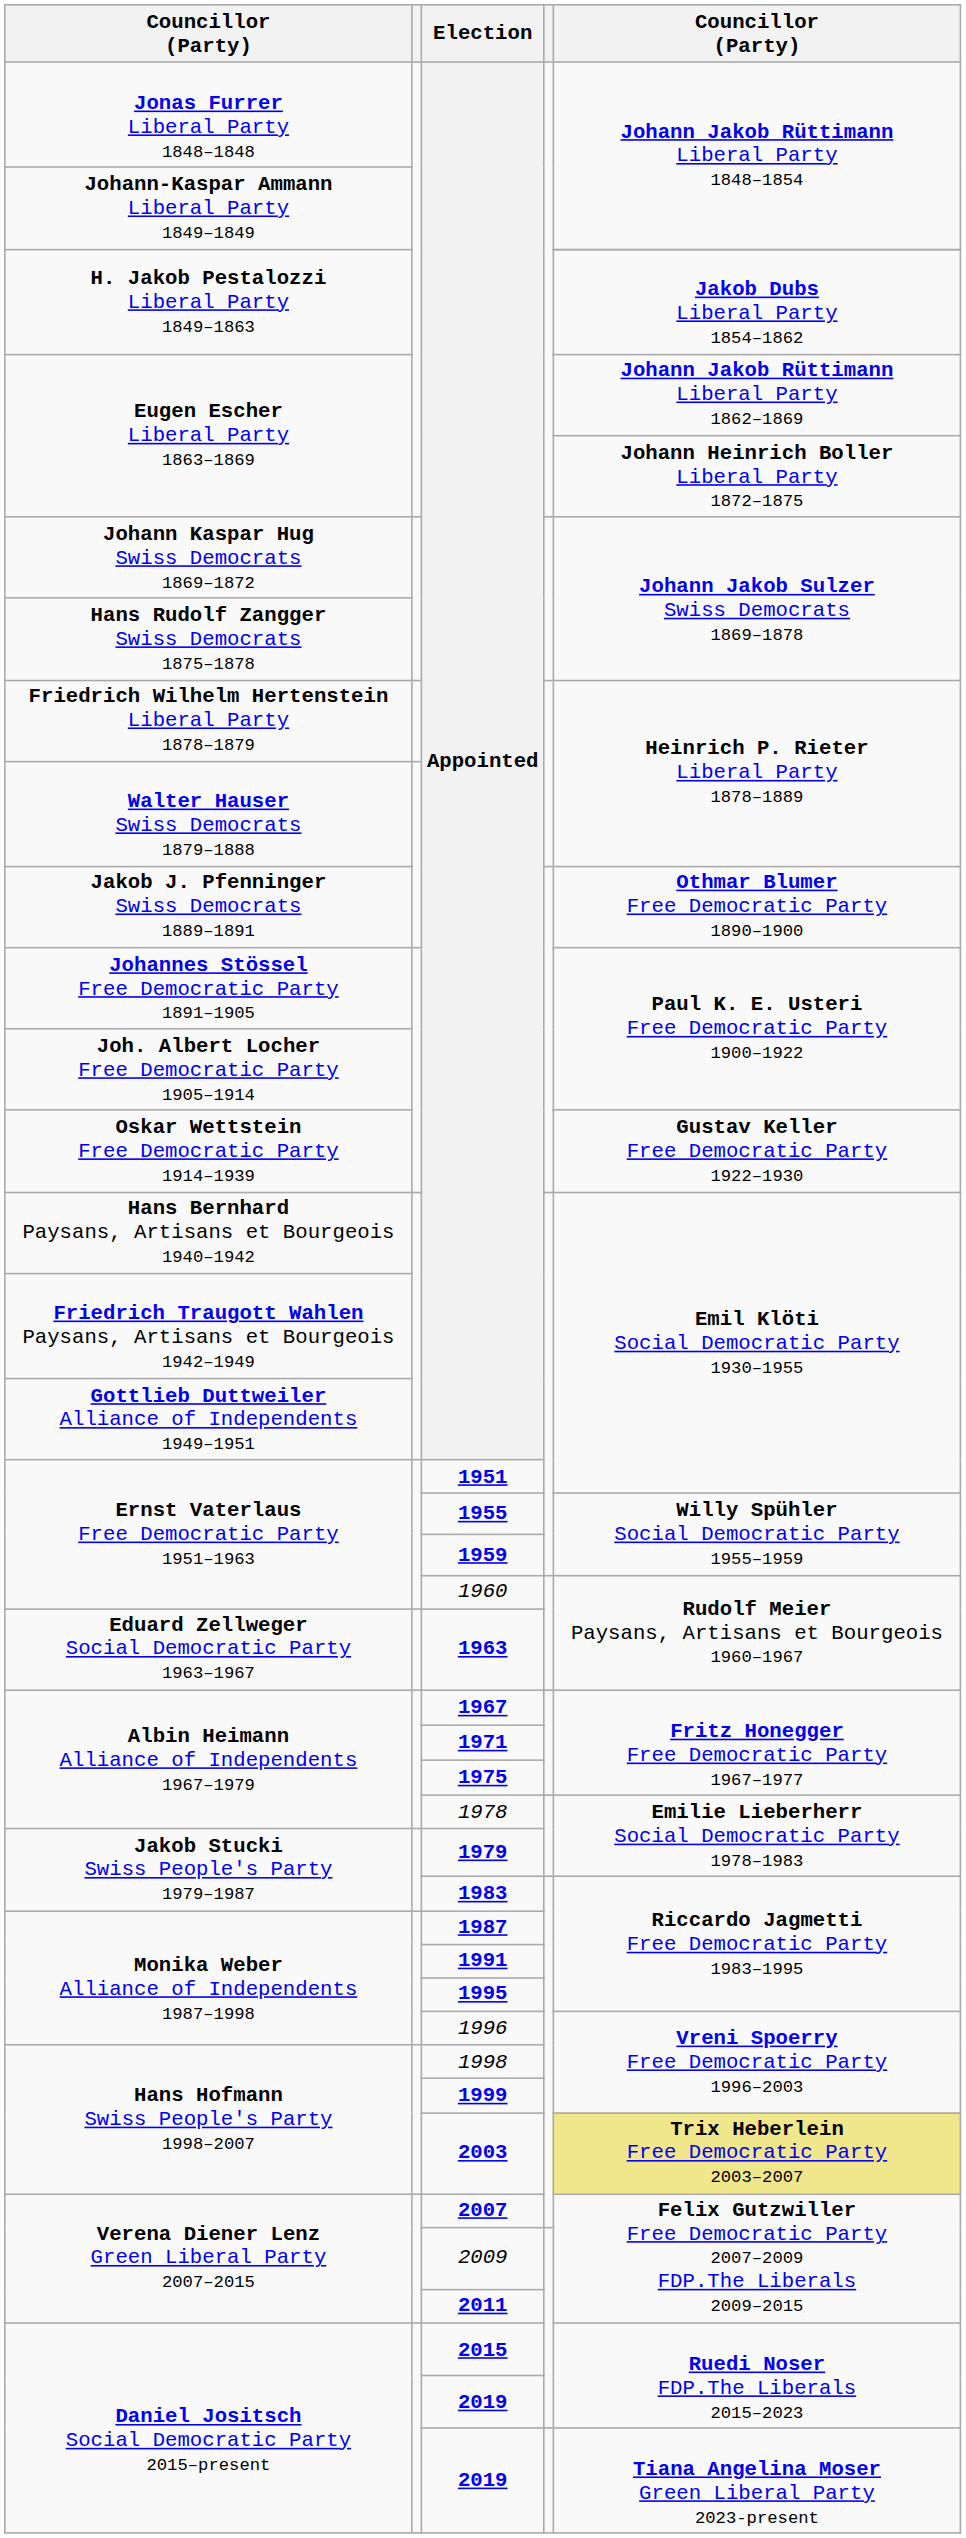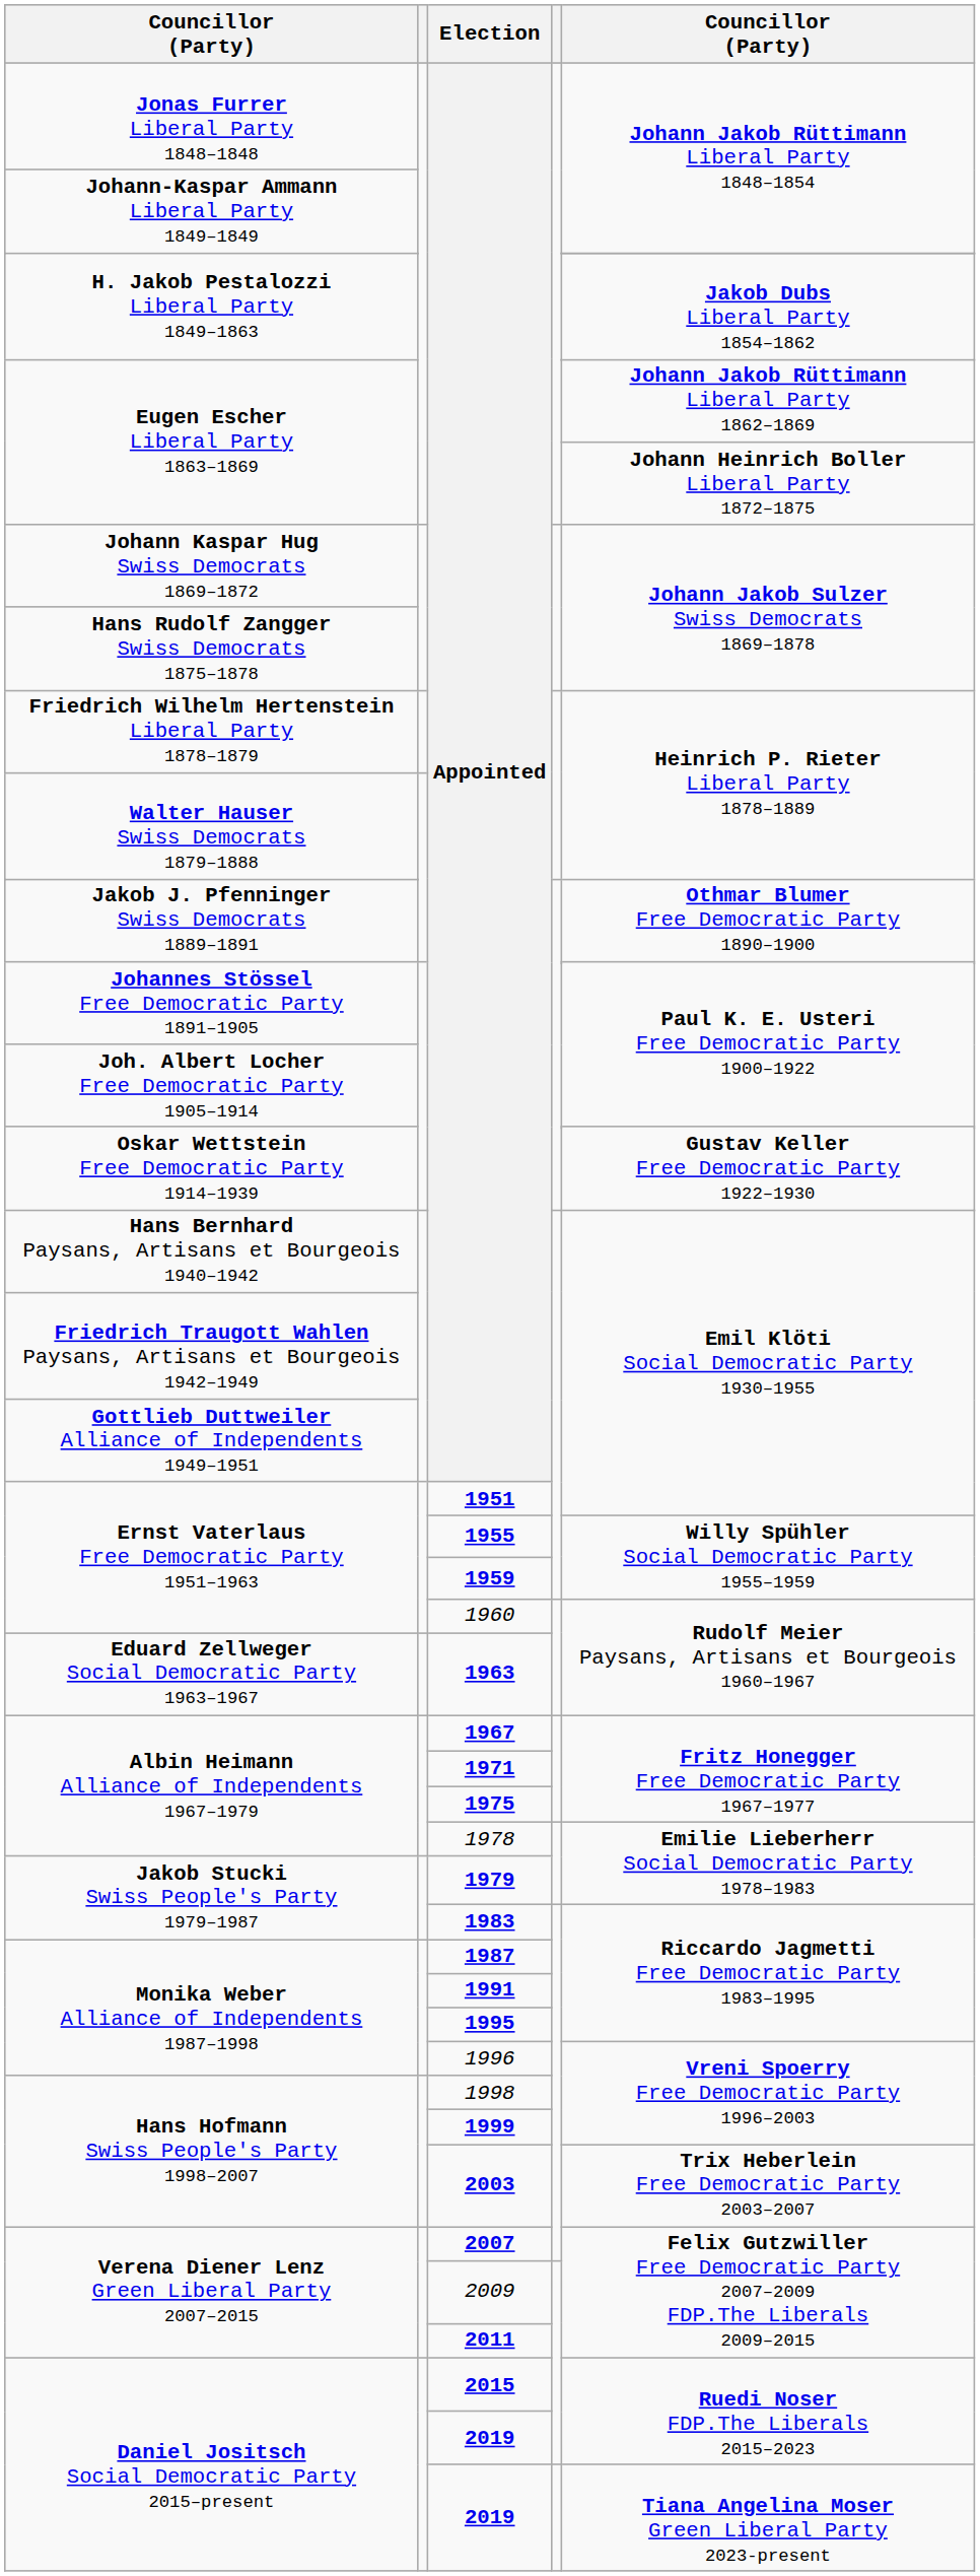 <table class="wikitable" style="text-align:center">
 <tr>
 <th scope="col" width="250" colspan = "1">Councillor<br> (Party)</th>
 <th></th>
 <th>Election</th>
 <th></th>
 <th scope="col" width="250" colspan = "1">Councillor<br> (Party)</th>
 </tr>
 <tr>
 <td rowspan=1><br><strong><a href='#'>Jonas Furrer</a></strong><br><a href='#'>Liberal Party</a><br><small>1848–1848</small></td>
 <td rowspan=7; style="background-color: "></td>
 <th rowspan=22>Appointed</th>
 <td rowspan=7; style="background-color: "></td>
 <td rowspan=2><strong><a href='#'>Johann Jakob Rüttimann</a></strong><br><a href='#'>Liberal Party</a><br><small>1848–1854</small></td>
 </tr>
 <tr>
 <td rowspan=1><strong>Johann-Kaspar Ammann</strong><br><a href='#'>Liberal Party</a><br><small>1849–1849</small></td>
 </tr>
 <tr>
 <td rowspan=3><strong>H. Jakob Pestalozzi</strong><br><a href='#'>Liberal Party</a><br><small>1849–1863</small></td>
 </tr>
 <tr>
 <td rowspan=1><br><strong><a href='#'>Jakob Dubs</a></strong><br><a href='#'>Liberal Party</a><br><small>1854–1862</small></td>
 </tr>
 <tr>
 <td rowspan=2><strong><a href='#'>Johann Jakob Rüttimann</a></strong><br><a href='#'>Liberal Party</a><br><small>1862–1869</small></td>
 </tr>
 <tr>
 <td rowspan=2><strong>Eugen Escher</strong><br><a href='#'>Liberal Party</a><br><small>1863–1869</small></td>
 </tr>
 <tr>
 <td rowspan=1><strong>Johann Heinrich Boller</strong><br><a href='#'>Liberal Party</a><br><small>1872–1875</small></td>
 </tr>
 <tr>
 <td rowspan=1><strong>Johann Kaspar Hug</strong><br><a href='#'>Swiss Democrats</a><br><small>1869–1872</small></td>
 <td rowspan=2; style="background-color: "></td>
 <td rowspan=2; style="background-color: "></td>
 <td rowspan=2><br><strong><a href='#'>Johann Jakob Sulzer</a></strong><br><a href='#'>Swiss Democrats</a><br><small>1869–1878</small></td>
 </tr>
 <tr>
 <td rowspan=1><strong>Hans Rudolf Zangger</strong><br><a href='#'>Swiss Democrats</a><br><small>1875–1878</small></td>
 </tr>
 <tr>
 <td rowspan=1><strong>Friedrich Wilhelm Hertenstein</strong><br><a href='#'>Liberal Party</a><br><small>1878–1879</small></td>
 <td rowspan=1; style="background-color: "></td>
 <td rowspan=3; style="background-color: "></td>
 <td rowspan=3><strong>Heinrich P. Rieter</strong><br><a href='#'>Liberal Party</a><br><small>1878–1889</small></td>
 </tr>
 <tr>
 <td rowspan=1><br><strong><a href='#'>Walter Hauser</a></strong><br><a href='#'>Swiss Democrats</a><br><small>1879–1888</small></td>
 <td rowspan=3; style="background-color: "></td>
 </tr>
 <tr>
 <td rowspan=2><strong>Jakob J. Pfenninger</strong><br><a href='#'>Swiss Democrats</a><br><small>1889–1891</small></td>
 </tr>
 <tr>
 <td rowspan=6; style="background-color: "></td>
 <td rowspan=2><strong><a href='#'>Othmar Blumer</a></strong><br><a href='#'>Free Democratic Party</a><br><small>1890–1900</small></td>
 </tr>
 <tr>
 <td rowspan=2><strong><a href='#'>Johannes Stössel</a></strong><br><a href='#'>Free Democratic Party</a><br><small>1891–1905</small></td>
 <td rowspan=5; style="background-color: "></td>
 </tr>
 <tr>
 <td rowspan=3><strong>Paul K. E. Usteri</strong><br><a href='#'>Free Democratic Party</a><br><small>1900–1922</small></td>
 </tr>
 <tr>
 <td rowspan=1><strong>Joh. Albert Locher</strong><br><a href='#'>Free Democratic Party</a><br><small>1905–1914</small></td>
 </tr>
 <tr>
 <td rowspan=3><strong>Oskar Wettstein</strong><br><a href='#'>Free Democratic Party</a><br><small>1914–1939</small></td>
 </tr>
 <tr>
 <td rowspan=1><strong>Gustav Keller</strong><br><a href='#'>Free Democratic Party</a><br><small>1922–1930</small></td>
 </tr>
 <tr>
 <td rowspan=4; style="background-color: "></td>
 <td rowspan=7; style="background-color: "></td>
 <td rowspan=5><strong>Emil Klöti</strong><br><a href='#'>Social Democratic Party</a><br><small>1930–1955</small></td>
 </tr>
 <tr>
 <td rowspan=1><strong>Hans Bernhard</strong><br>Paysans, Artisans et Bourgeois<br><small>1940–1942</small></td>
 </tr>
 <tr>
 <td rowspan=1><br><strong><a href='#'>Friedrich Traugott Wahlen</a></strong><br>Paysans, Artisans et Bourgeois<br><small>1942–1949</small></td>
 </tr>
 <tr>
 <td rowspan=1><strong><a href='#'>Gottlieb Duttweiler</a></strong><br><a href='#'>Alliance of Independents</a><br><small>1949–1951</small></td>
 </tr>
 <tr>
 <td rowspan=4><strong>Ernst Vaterlaus</strong><br><a href='#'>Free Democratic Party</a><br><small>1951–1963</small></td>
 <td rowspan=4; style="background-color: "></td>
 <td><strong><a href='#'>1951</a></strong></td>
 </tr>
 <tr>
 <td><strong><a href='#'>1955</a></strong></td>
 <td rowspan=2><strong>Willy Spühler</strong><br><a href='#'>Social Democratic Party</a><br><small>1955–1959</small></td>
 </tr>
 <tr>
 <td><strong><a href='#'>1959</a></strong></td>
 </tr>
 <tr>
 <td><em>1960</em></td>
 <td rowspan=2; style="background-color: "></td>
 <td rowspan=2><strong>Rudolf Meier</strong><br>Paysans, Artisans et Bourgeois<br><small>1960–1967</small></td>
 </tr>
 <tr>
 <td rowspan=1><strong>Eduard Zellweger</strong><br><a href='#'>Social Democratic Party</a><br><small>1963–1967</small></td>
 <td rowspan=1; style="background-color: "></td>
 <td><strong><a href='#'>1963</a></strong></td>
 </tr>
 <tr>
 <td rowspan=4><strong>Albin Heimann</strong><br><a href='#'>Alliance of Independents</a><br><small>1967–1979</small></td>
 <td rowspan=4; style="background-color: "></td>
 <td><strong><a href='#'>1967</a></strong></td>
 <td rowspan=3; style="background-color: "></td>
 <td rowspan=3><br><strong><a href='#'>Fritz Honegger</a></strong><br><a href='#'>Free Democratic Party</a><br><small>1967–1977</small></td>
 </tr>
 <tr>
 <td><strong><a href='#'>1971</a></strong></td>
 </tr>
 <tr>
 <td><strong><a href='#'>1975</a></strong></td>
 </tr>
 <tr>
 <td><em>1978</em></td>
 <td rowspan=2; style="background-color: "></td>
 <td rowspan=2><strong>Emilie Lieberherr</strong><br><a href='#'>Social Democratic Party</a><br><small>1978–1983</small></td>
 </tr>
 <tr>
 <td rowspan=2><strong>Jakob Stucki</strong><br><a href='#'>Swiss People's Party</a><br><small>1979–1987</small></td>
 <td rowspan=2; style="background-color: "></td>
 <td><strong><a href='#'>1979</a></strong></td>
 </tr>
 <tr>
 <td><strong><a href='#'>1983</a></strong></td>
 <td rowspan=9; style="background-color: "></td>
 <td rowspan=4><strong>Riccardo Jagmetti</strong><br><a href='#'>Free Democratic Party</a><br><small>1983–1995</small></td>
 </tr>
 <tr>
 <td rowspan=4><br><strong>Monika Weber</strong><br><a href='#'>Alliance of Independents</a><br><small>1987–1998</small></td>
 <td rowspan=4; style="background-color: "></td>
 <td><strong><a href='#'>1987</a></strong></td>
 </tr>
 <tr>
 <td><strong><a href='#'>1991</a></strong></td>
 </tr>
 <tr>
 <td><strong><a href='#'>1995</a></strong></td>
 </tr>
 <tr>
 <td><em>1996</em></td>
 <td rowspan=3><strong><a href='#'>Vreni Spoerry</a></strong><br><a href='#'>Free Democratic Party</a><br><small>1996–2003</small></td>
 </tr>
 <tr>
 <td rowspan=3><strong>Hans Hofmann</strong><br><a href='#'>Swiss People's Party</a><br><small>1998–2007</small></td>
 <td rowspan=3; style="background-color: "></td>
 <td><em>1998</em></td>
 </tr>
 <tr>
 <td><strong><a href='#'>1999</a></strong></td>
 </tr>
 <tr>
 <td><strong><a href='#'>2003</a></strong></td>
-<td rowspan=1 style="background: khaki;"><strong>Trix Heberlein</strong><br><a href='#'>Free Democratic Party</a><br><small>2003–2007</small></td>
+<td rowspan=1><strong>Trix Heberlein</strong><br><a href='#'>Free Democratic Party</a><br><small>2003–2007</small></td>
 </tr>
 <tr>
 <td rowspan=3><strong>Verena Diener Lenz</strong><br><a href='#'>Green Liberal Party</a><br><small>2007–2015</small></td>
 <td rowspan=3; style="background-color: "></td>
 <td><strong><a href='#'>2007</a></strong></td>
 <td rowspan=3><strong>Felix Gutzwiller</strong><br><a href='#'>Free Democratic Party</a><br><small>2007–2009</small><br><a href='#'>FDP.The Liberals</a><br><small>2009–2015</small></td>
 </tr>
 <tr>
 <td><em>2009</em></td>
 <td rowspan=4; style="background-color: "></td>
 </tr>
 <tr>
 <td><strong><a href='#'>2011</a></strong></td>
 </tr>
 <tr>
 <td rowspan=3><br><strong><a href='#'>Daniel Jositsch</a></strong><br><a href='#'>Social Democratic Party</a><br><small>2015–present</small></td>
 <td rowspan=3; style="background-color: "></td>
 <td><strong><a href='#'>2015</a></strong></td>
 <td rowspan=2><br><strong><a href='#'>Ruedi Noser</a></strong><br><a href='#'>FDP.The Liberals</a><br><small>2015–2023</small></td>
 </tr>
 <tr>
 <td><strong><a href='#'>2019</a></strong></td>
 </tr>
 <tr>
 <td><strong><a href='#'>2019</a></strong></td>
 <td rowspan=1; style="background-color: "></td>
 <td rowspan=1><br><strong><a href='#'>Tiana Angelina Moser</a></strong><br><a href='#'>Green Liberal Party</a><br><small>2023-present</small></td>
 </tr>
 </table>
